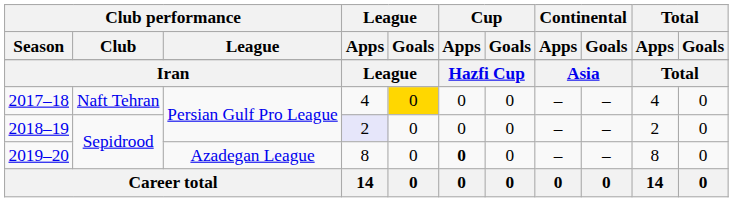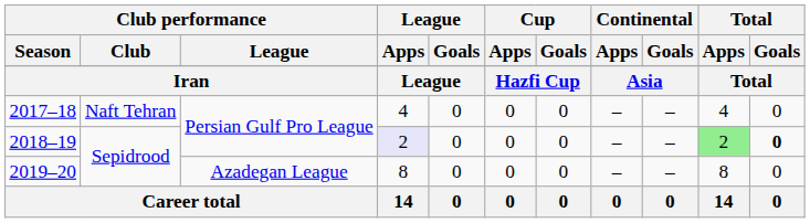 <table class="wikitable" style="text-align:center">
 <tr>
 <th colspan=3>Club performance</th>
 <th colspan=2>League</th>
 <th colspan=2>Cup</th>
 <th colspan=2>Continental</th>
 <th colspan=2>Total</th>
 </tr>
 <tr>
 <th>Season</th>
 <th>Club</th>
 <th>League</th>
 <th>Apps</th>
 <th>Goals</th>
 <th>Apps</th>
 <th>Goals</th>
 <th>Apps</th>
 <th>Goals</th>
 <th>Apps</th>
 <th>Goals</th>
 </tr>
 <tr>
 </tr>
 <tr>
 <th colspan=3>Iran</th>
 <th colspan=2>League</th>
 <th colspan=2><a href='#'>Hazfi Cup</a></th>
 <th colspan=2><a href='#'>Asia</a></th>
 <th colspan=2>Total</th>
 </tr>
 <tr>
 <td><a href='#'>2017–18</a></td>
 <td rowspan="1"><a href='#'>Naft Tehran</a></td>
 <td rowspan="2"><a href='#'>Persian Gulf Pro League</a></td>
 <td>4</td>
-<td style="background: gold;">0</td>
+<td>0</td>
 <td>0</td>
 <td>0</td>
 <td>–</td>
 <td>–</td>
 <td>4</td>
 <td>0</td>
 </tr>
 <tr>
 <td><a href='#'>2018–19</a></td>
 <td rowspan="2"><a href='#'>Sepidrood</a></td>
 <td style="background: lavender;">2</td>
 <td>0</td>
 <td>0</td>
 <td>0</td>
 <td>–</td>
 <td>–</td>
-<td>2</td>
-<td>0</td>
+<td style="background: lightgreen;">2</td>
+<td><strong>0</strong></td>
 </tr>
 <tr>
 <td><a href='#'>2019–20</a></td>
 <td rowspan="1"><a href='#'>Azadegan League</a></td>
 <td>8</td>
 <td>0</td>
-<td><strong>0</strong></td>
+<td>0</td>
 <td>0</td>
 <td>–</td>
 <td>–</td>
 <td>8</td>
 <td>0</td>
 </tr>
 <tr>
 <th colspan=3>Career total</th>
 <th>14</th>
 <th>0</th>
 <th>0</th>
 <th>0</th>
 <th>0</th>
 <th>0</th>
 <th>14</th>
 <th>0</th>
 </tr>
 </table>
